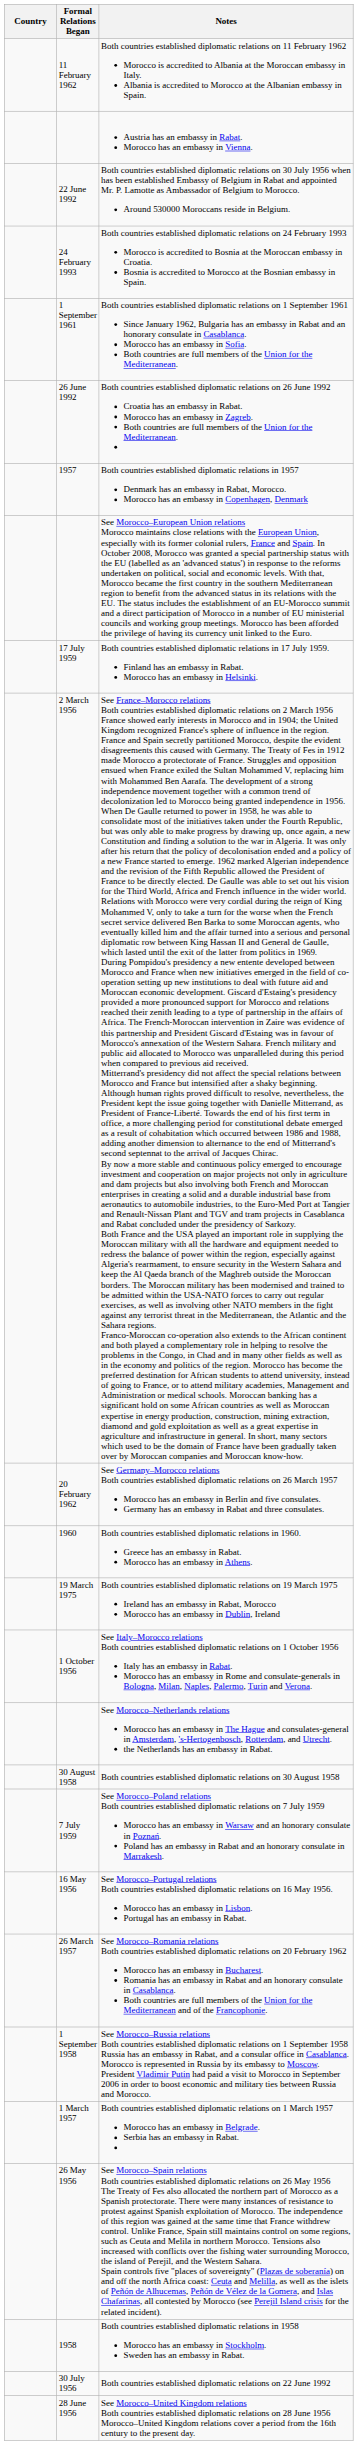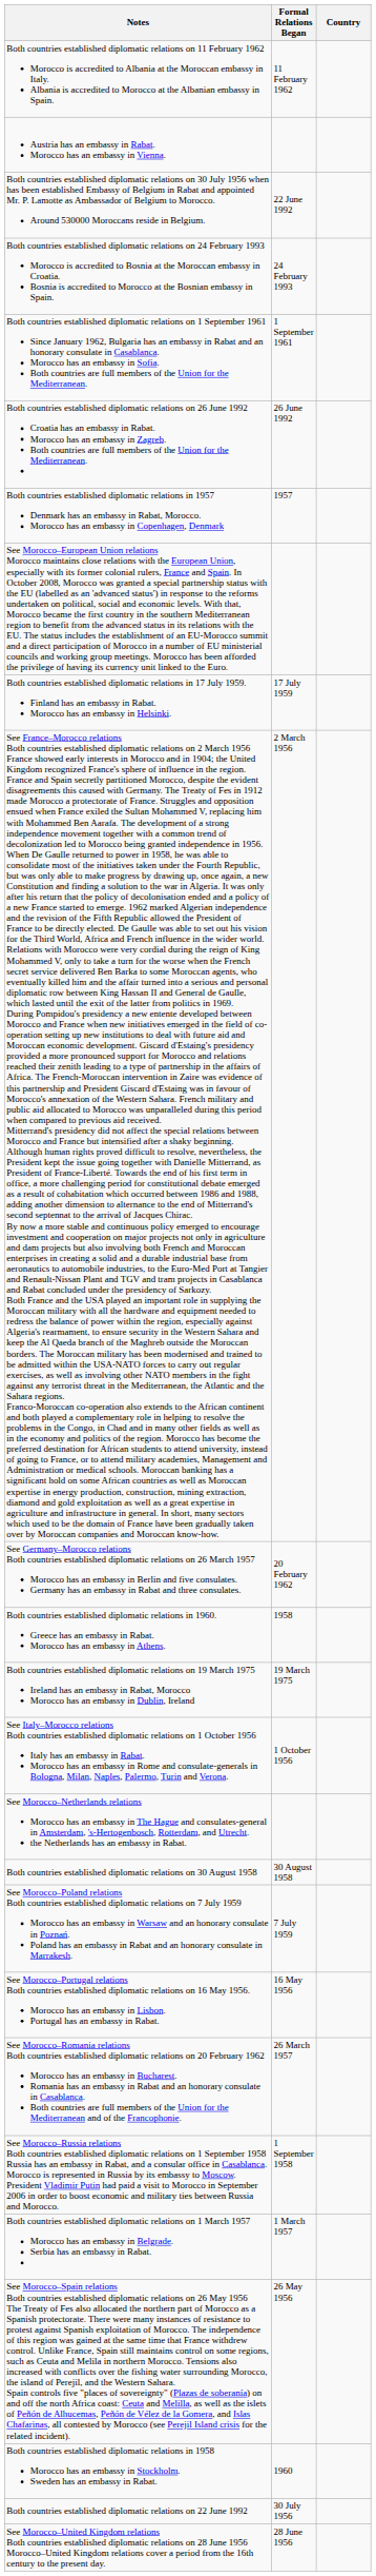 <table class="wikitable sortable" style="width:100%; margin:auto;">
 <tr>
+<th>Notes</th>
+<th style="width:12%;">Formal Relations Began</th>
 <th style="width:15%;">Country</th>
-<th style="width:12%;">Formal Relations Began</th>
-<th>Notes</th>
 </tr>
 <tr>
+<td>Both countries established diplomatic relations on 11 February 1962<br><ul><li>Morocco is accredited to Albania at the Moroccan embassy in Italy.</li><li>Albania is accredited to Morocco at the Albanian embassy in Spain.</li></ul></td>
+<td>11 February 1962</td>
 <td></td>
-<td>11 February 1962</td>
-<td>Both countries established diplomatic relations on 11 February 1962<br><ul><li>Morocco is accredited to Albania at the Moroccan embassy in Italy.</li><li>Albania is accredited to Morocco at the Albanian embassy in Spain.</li></ul></td>
 </tr>
 <tr valign="top">
+<td><br><ul><li>Austria has an embassy in <a href='#'>Rabat</a>.</li><li>Morocco has an embassy in <a href='#'>Vienna</a>.</li></ul></td>
 <td></td>
 <td></td>
-<td><br><ul><li>Austria has an embassy in <a href='#'>Rabat</a>.</li><li>Morocco has an embassy in <a href='#'>Vienna</a>.</li></ul></td>
 </tr>
 <tr>
+<td>Both countries established diplomatic relations on 30 July 1956 when has been established Embassy of Belgium in Rabat and appointed Mr. P. Lamotte as Ambassador of Belgium to Morocco.<br><ul><li>Around 530000 Moroccans reside in Belgium.</li></ul></td>
+<td>22 June 1992</td>
 <td></td>
-<td>22 June 1992</td>
-<td>Both countries established diplomatic relations on 30 July 1956 when has been established Embassy of Belgium in Rabat and appointed Mr. P. Lamotte as Ambassador of Belgium to Morocco.<br><ul><li>Around 530000 Moroccans reside in Belgium.</li></ul></td>
 </tr>
 <tr>
+<td>Both countries established diplomatic relations on 24 February 1993<br><ul><li>Morocco is accredited to Bosnia at the Moroccan embassy in Croatia.</li><li>Bosnia is accredited to Morocco at the Bosnian embassy in Spain.</li></ul></td>
+<td>24 February 1993</td>
 <td></td>
-<td>24 February 1993</td>
-<td>Both countries established diplomatic relations on 24 February 1993<br><ul><li>Morocco is accredited to Bosnia at the Moroccan embassy in Croatia.</li><li>Bosnia is accredited to Morocco at the Bosnian embassy in Spain.</li></ul></td>
 </tr>
 <tr valign="top">
+<td>Both countries established diplomatic relations on 1 September 1961<br><ul><li>Since January 1962, Bulgaria has an embassy in Rabat and an honorary consulate in <a href='#'>Casablanca</a>.</li><li>Morocco has an embassy in <a href='#'>Sofia</a>.</li><li>Both countries are full members of the <a href='#'>Union for the Mediterranean</a>.</li></ul></td>
+<td>1 September 1961</td>
 <td></td>
-<td>1 September 1961</td>
-<td>Both countries established diplomatic relations on 1 September 1961<br><ul><li>Since January 1962, Bulgaria has an embassy in Rabat and an honorary consulate in <a href='#'>Casablanca</a>.</li><li>Morocco has an embassy in <a href='#'>Sofia</a>.</li><li>Both countries are full members of the <a href='#'>Union for the Mediterranean</a>.</li></ul></td>
 </tr>
 <tr valign="top">
+<td>Both countries established diplomatic relations on 26 June 1992<br><ul><li>Croatia has an embassy in Rabat.</li><li>Morocco has an embassy in <a href='#'>Zagreb</a>.</li><li>Both countries are full members of the <a href='#'>Union for the Mediterranean</a>.</li><li></li></ul></td>
+<td>26 June 1992</td>
 <td></td>
-<td>26 June 1992</td>
-<td>Both countries established diplomatic relations on 26 June 1992<br><ul><li>Croatia has an embassy in Rabat.</li><li>Morocco has an embassy in <a href='#'>Zagreb</a>.</li><li>Both countries are full members of the <a href='#'>Union for the Mediterranean</a>.</li><li></li></ul></td>
 </tr>
 <tr valign="top">
+<td>Both countries established diplomatic relations in 1957<br><ul><li>Denmark has an embassy in Rabat, Morocco.</li><li>Morocco has an embassy in <a href='#'>Copenhagen</a>, <a href='#'>Denmark</a></li></ul></td>
+<td>1957</td>
 <td></td>
-<td>1957</td>
-<td>Both countries established diplomatic relations in 1957<br><ul><li>Denmark has an embassy in Rabat, Morocco.</li><li>Morocco has an embassy in <a href='#'>Copenhagen</a>, <a href='#'>Denmark</a></li></ul></td>
 </tr>
 <tr valign="top">
+<td>See <a href='#'>Morocco–European Union relations</a><br>Morocco maintains close relations with the <a href='#'>European Union</a>, especially with its former colonial rulers, <a href='#'>France</a> and <a href='#'>Spain</a>. In October 2008, Morocco was granted a special partnership status with the EU (labelled as an 'advanced status') in response to the reforms undertaken on political, social and economic levels. With that, Morocco became the first country in the southern Mediterranean region to benefit from the advanced status in its relations with the EU. The status includes the establishment of an EU-Morocco summit and a direct participation of Morocco in a number of EU ministerial councils and working group meetings. Morocco has been afforded the privilege of having its currency unit linked to the Euro.</td>
 <td></td>
 <td></td>
-<td>See <a href='#'>Morocco–European Union relations</a><br>Morocco maintains close relations with the <a href='#'>European Union</a>, especially with its former colonial rulers, <a href='#'>France</a> and <a href='#'>Spain</a>. In October 2008, Morocco was granted a special partnership status with the EU (labelled as an 'advanced status') in response to the reforms undertaken on political, social and economic levels. With that, Morocco became the first country in the southern Mediterranean region to benefit from the advanced status in its relations with the EU. The status includes the establishment of an EU-Morocco summit and a direct participation of Morocco in a number of EU ministerial councils and working group meetings. Morocco has been afforded the privilege of having its currency unit linked to the Euro.</td>
 </tr>
 <tr valign="top">
+<td>Both countries established diplomatic relations in 17 July 1959.<br><ul><li>Finland has an embassy in Rabat.</li><li>Morocco has an embassy in <a href='#'>Helsinki</a>.</li></ul></td>
+<td>17 July 1959</td>
 <td></td>
-<td>17 July 1959</td>
-<td>Both countries established diplomatic relations in 17 July 1959.<br><ul><li>Finland has an embassy in Rabat.</li><li>Morocco has an embassy in <a href='#'>Helsinki</a>.</li></ul></td>
 </tr>
 <tr valign="top">
+<td>See <a href='#'>France–Morocco relations</a><br>Both countries established diplomatic relations on 2 March 1956<br>France showed early interests in Morocco and in 1904; the United Kingdom recognized France's sphere of influence in the region. France and Spain secretly partitioned Morocco, despite the evident disagreements this caused with Germany. The Treaty of Fes in 1912 made Morocco a protectorate of France. Struggles and opposition ensued when France exiled the Sultan Mohammed V, replacing him with Mohammed Ben Aarafa. The development of a strong independence movement together with a common trend of decolonization led to Morocco being granted independence in 1956.<br>When De Gaulle returned to power in 1958, he was able to consolidate most of the initiatives taken under the Fourth Republic, but was only able to make progress by drawing up, once again, a new Constitution and finding a solution to the war in Algeria. It was only after his return that the policy of decolonisation ended and a policy of a new France started to emerge. 1962 marked Algerian independence and the revision of the Fifth Republic allowed the President of France to be directly elected. De Gaulle was able to set out his vision for the Third World, Africa and French influence in the wider world. Relations with Morocco were very cordial during the reign of King Mohammed V, only to take a turn for the worse when the French secret service delivered Ben Barka to some Moroccan agents, who eventually killed him and the affair turned into a serious and personal diplomatic row between King Hassan II and General de Gaulle, which lasted until the exit of the latter from politics in 1969.<br>During Pompidou's presidency a new entente developed between Morocco and France when new initiatives emerged in the field of co-operation setting up new institutions to deal with future aid and Moroccan economic development. Giscard d'Estaing's presidency provided a more pronounced support for Morocco and relations reached their zenith leading to a type of partnership in the affairs of Africa. The French-Moroccan intervention in Zaire was evidence of this partnership and President Giscard d'Estaing was in favour of Morocco's annexation of the Western Sahara. French military and public aid allocated to Morocco was unparalleled during this period when compared to previous aid received.<br>Mitterrand's presidency did not affect the special relations between Morocco and France but intensified after a shaky beginning. Although human rights proved difficult to resolve, nevertheless, the President kept the issue going together with Danielle Mitterrand, as President of France-Liberté. Towards the end of his first term in office, a more challenging period for constitutional debate emerged as a result of cohabitation which occurred between 1986 and 1988, adding another dimension to alternance to the end of Mitterrand's second septennat to the arrival of Jacques Chirac.<br>By now a more stable and continuous policy emerged to encourage investment and cooperation on major projects not only in agriculture and dam projects but also involving both French and Moroccan enterprises in creating a solid and a durable industrial base from aeronautics to automobile industries, to the Euro-Med Port at Tangier and Renault-Nissan Plant and TGV and tram projects in Casablanca and Rabat concluded under the presidency of Sarkozy.<br>Both France and the USA played an important role in supplying the Moroccan military with all the hardware and equipment needed to redress the balance of power within the region, especially against Algeria's rearmament, to ensure security in the Western Sahara and keep the Al Qaeda branch of the Maghreb outside the Moroccan borders. The Moroccan military has been modernised and trained to be admitted within the USA-NATO forces to carry out regular exercises, as well as involving other NATO members in the fight against any terrorist threat in the Mediterranean, the Atlantic and the Sahara regions.<br>Franco-Moroccan co-operation also extends to the African continent and both played a complementary role in helping to resolve the problems in the Congo, in Chad and in many other fields as well as in the economy and politics of the region. Morocco has become the preferred destination for African students to attend university, instead of going to France, or to attend military academies, Management and Administration or medical schools. Moroccan banking has a significant hold on some African countries as well as Moroccan expertise in energy production, construction, mining extraction, diamond and gold exploitation as well as a great expertise in agriculture and infrastructure in general. In short, many sectors which used to be the domain of France have been gradually taken over by Moroccan companies and Moroccan know-how.</td>
+<td>2 March 1956</td>
 <td></td>
-<td>2 March 1956</td>
-<td>See <a href='#'>France–Morocco relations</a><br>Both countries established diplomatic relations on 2 March 1956<br>France showed early interests in Morocco and in 1904; the United Kingdom recognized France's sphere of influence in the region. France and Spain secretly partitioned Morocco, despite the evident disagreements this caused with Germany. The Treaty of Fes in 1912 made Morocco a protectorate of France. Struggles and opposition ensued when France exiled the Sultan Mohammed V, replacing him with Mohammed Ben Aarafa. The development of a strong independence movement together with a common trend of decolonization led to Morocco being granted independence in 1956.<br>When De Gaulle returned to power in 1958, he was able to consolidate most of the initiatives taken under the Fourth Republic, but was only able to make progress by drawing up, once again, a new Constitution and finding a solution to the war in Algeria. It was only after his return that the policy of decolonisation ended and a policy of a new France started to emerge. 1962 marked Algerian independence and the revision of the Fifth Republic allowed the President of France to be directly elected. De Gaulle was able to set out his vision for the Third World, Africa and French influence in the wider world. Relations with Morocco were very cordial during the reign of King Mohammed V, only to take a turn for the worse when the French secret service delivered Ben Barka to some Moroccan agents, who eventually killed him and the affair turned into a serious and personal diplomatic row between King Hassan II and General de Gaulle, which lasted until the exit of the latter from politics in 1969.<br>During Pompidou's presidency a new entente developed between Morocco and France when new initiatives emerged in the field of co-operation setting up new institutions to deal with future aid and Moroccan economic development. Giscard d'Estaing's presidency provided a more pronounced support for Morocco and relations reached their zenith leading to a type of partnership in the affairs of Africa. The French-Moroccan intervention in Zaire was evidence of this partnership and President Giscard d'Estaing was in favour of Morocco's annexation of the Western Sahara. French military and public aid allocated to Morocco was unparalleled during this period when compared to previous aid received.<br>Mitterrand's presidency did not affect the special relations between Morocco and France but intensified after a shaky beginning. Although human rights proved difficult to resolve, nevertheless, the President kept the issue going together with Danielle Mitterrand, as President of France-Liberté. Towards the end of his first term in office, a more challenging period for constitutional debate emerged as a result of cohabitation which occurred between 1986 and 1988, adding another dimension to alternance to the end of Mitterrand's second septennat to the arrival of Jacques Chirac.<br>By now a more stable and continuous policy emerged to encourage investment and cooperation on major projects not only in agriculture and dam projects but also involving both French and Moroccan enterprises in creating a solid and a durable industrial base from aeronautics to automobile industries, to the Euro-Med Port at Tangier and Renault-Nissan Plant and TGV and tram projects in Casablanca and Rabat concluded under the presidency of Sarkozy.<br>Both France and the USA played an important role in supplying the Moroccan military with all the hardware and equipment needed to redress the balance of power within the region, especially against Algeria's rearmament, to ensure security in the Western Sahara and keep the Al Qaeda branch of the Maghreb outside the Moroccan borders. The Moroccan military has been modernised and trained to be admitted within the USA-NATO forces to carry out regular exercises, as well as involving other NATO members in the fight against any terrorist threat in the Mediterranean, the Atlantic and the Sahara regions.<br>Franco-Moroccan co-operation also extends to the African continent and both played a complementary role in helping to resolve the problems in the Congo, in Chad and in many other fields as well as in the economy and politics of the region. Morocco has become the preferred destination for African students to attend university, instead of going to France, or to attend military academies, Management and Administration or medical schools. Moroccan banking has a significant hold on some African countries as well as Moroccan expertise in energy production, construction, mining extraction, diamond and gold exploitation as well as a great expertise in agriculture and infrastructure in general. In short, many sectors which used to be the domain of France have been gradually taken over by Moroccan companies and Moroccan know-how.</td>
 </tr>
 <tr>
+<td>See <a href='#'>Germany–Morocco relations</a><br>Both countries established diplomatic relations on 26 March 1957<ul><li>Morocco has an embassy in Berlin and five consulates.</li><li>Germany has an embassy in Rabat and three consulates.  </li></ul></td>
+<td>20 February 1962</td>
 <td></td>
-<td>20 February 1962</td>
-<td>See <a href='#'>Germany–Morocco relations</a><br>Both countries established diplomatic relations on 26 March 1957<ul><li>Morocco has an embassy in Berlin and five consulates.</li><li>Germany has an embassy in Rabat and three consulates.  </li></ul></td>
 </tr>
 <tr valign="top">
+<td>Both countries established diplomatic relations in 1960.<br><ul><li>Greece has an embassy in Rabat.</li><li>Morocco has an embassy in <a href='#'>Athens</a>.</li></ul></td>
+<td>1958</td>
 <td></td>
-<td>1960</td>
-<td>Both countries established diplomatic relations in 1960.<br><ul><li>Greece has an embassy in Rabat.</li><li>Morocco has an embassy in <a href='#'>Athens</a>.</li></ul></td>
 </tr>
 <tr valign="top">
+<td>Both countries established diplomatic relations on 19 March 1975<br><ul><li>Ireland has an embassy in Rabat, Morocco</li><li>Morocco has an embassy in <a href='#'>Dublin</a>, Ireland</li></ul></td>
+<td>19 March 1975</td>
 <td></td>
-<td>19 March 1975</td>
-<td>Both countries established diplomatic relations on 19 March 1975<br><ul><li>Ireland has an embassy in Rabat, Morocco</li><li>Morocco has an embassy in <a href='#'>Dublin</a>, Ireland</li></ul></td>
 </tr>
 <tr>
+<td>See <a href='#'>Italy–Morocco relations</a><br>Both countries established diplomatic relations on 1 October 1956<ul><li>Italy has an embassy in <a href='#'>Rabat</a>.</li><li>Morocco has an embassy in Rome and consulate-generals in <a href='#'>Bologna</a>, <a href='#'>Milan</a>, <a href='#'>Naples</a>, <a href='#'>Palermo</a>, <a href='#'>Turin</a> and <a href='#'>Verona</a>.</li></ul></td>
+<td>1 October 1956</td>
 <td></td>
-<td>1 October 1956</td>
-<td>See <a href='#'>Italy–Morocco relations</a><br>Both countries established diplomatic relations on 1 October 1956<ul><li>Italy has an embassy in <a href='#'>Rabat</a>.</li><li>Morocco has an embassy in Rome and consulate-generals in <a href='#'>Bologna</a>, <a href='#'>Milan</a>, <a href='#'>Naples</a>, <a href='#'>Palermo</a>, <a href='#'>Turin</a> and <a href='#'>Verona</a>.</li></ul></td>
 </tr>
 <tr valign="top">
+<td>See <a href='#'>Morocco–Netherlands relations</a><br><ul><li>Morocco has an embassy in <a href='#'>The Hague</a> and consulates-general in <a href='#'>Amsterdam</a>, <a href='#'>'s-Hertogenbosch</a>, <a href='#'>Rotterdam</a>, and <a href='#'>Utrecht</a>.</li><li>the Netherlands has an embassy in Rabat.</li></ul></td>
 <td></td>
 <td></td>
-<td>See <a href='#'>Morocco–Netherlands relations</a><br><ul><li>Morocco has an embassy in <a href='#'>The Hague</a> and consulates-general in <a href='#'>Amsterdam</a>, <a href='#'>'s-Hertogenbosch</a>, <a href='#'>Rotterdam</a>, and <a href='#'>Utrecht</a>.</li><li>the Netherlands has an embassy in Rabat.</li></ul></td>
 </tr>
 <tr>
+<td>Both countries established diplomatic relations on 30 August 1958</td>
+<td>30 August 1958</td>
 <td></td>
-<td>30 August 1958</td>
-<td>Both countries established diplomatic relations on 30 August 1958</td>
 </tr>
 <tr>
+<td>See <a href='#'>Morocco–Poland relations</a><br>Both countries established diplomatic relations on 7 July 1959<ul><li>Morocco has an embassy in <a href='#'>Warsaw</a> and an honorary consulate in <a href='#'>Poznań</a>.</li><li>Poland has an embassy in Rabat and an honorary consulate in <a href='#'>Marrakesh</a>.</li></ul></td>
+<td>7 July 1959</td>
 <td></td>
-<td>7 July 1959</td>
-<td>See <a href='#'>Morocco–Poland relations</a><br>Both countries established diplomatic relations on 7 July 1959<ul><li>Morocco has an embassy in <a href='#'>Warsaw</a> and an honorary consulate in <a href='#'>Poznań</a>.</li><li>Poland has an embassy in Rabat and an honorary consulate in <a href='#'>Marrakesh</a>.</li></ul></td>
 </tr>
 <tr valign="top">
+<td>See <a href='#'>Morocco–Portugal relations</a><br>Both countries established diplomatic relations on 16 May 1956.<ul><li>Morocco has an embassy in <a href='#'>Lisbon</a>.</li><li>Portugal has an embassy in Rabat.</li></ul></td>
+<td>16 May 1956</td>
 <td></td>
-<td>16 May 1956</td>
-<td>See <a href='#'>Morocco–Portugal relations</a><br>Both countries established diplomatic relations on 16 May 1956.<ul><li>Morocco has an embassy in <a href='#'>Lisbon</a>.</li><li>Portugal has an embassy in Rabat.</li></ul></td>
 </tr>
 <tr valign="top">
+<td>See <a href='#'>Morocco–Romania relations</a><br>Both countries established diplomatic relations on 20 February 1962<ul><li>Morocco has an embassy in <a href='#'>Bucharest</a>.</li><li>Romania has an embassy in Rabat and an honorary consulate in <a href='#'>Casablanca</a>.</li><li>Both countries are full members of the <a href='#'>Union for the Mediterranean</a> and of the <a href='#'>Francophonie</a>.</li></ul></td>
+<td>26 March 1957</td>
 <td></td>
-<td>26 March 1957</td>
-<td>See <a href='#'>Morocco–Romania relations</a><br>Both countries established diplomatic relations on 20 February 1962<ul><li>Morocco has an embassy in <a href='#'>Bucharest</a>.</li><li>Romania has an embassy in Rabat and an honorary consulate in <a href='#'>Casablanca</a>.</li><li>Both countries are full members of the <a href='#'>Union for the Mediterranean</a> and of the <a href='#'>Francophonie</a>.</li></ul></td>
 </tr>
 <tr valign="top">
+<td>See <a href='#'>Morocco–Russia relations</a><br>Both countries established diplomatic relations on 1 September 1958<br>Russia has an embassy in Rabat, and a consular office in <a href='#'>Casablanca</a>. Morocco is represented in Russia by its embassy to <a href='#'>Moscow</a>. President <a href='#'>Vladimir Putin</a> had paid a visit to Morocco in September 2006 in order to boost economic and military ties between Russia and Morocco.</td>
+<td>1 September 1958</td>
 <td></td>
-<td>1 September 1958</td>
-<td>See <a href='#'>Morocco–Russia relations</a><br>Both countries established diplomatic relations on 1 September 1958<br>Russia has an embassy in Rabat, and a consular office in <a href='#'>Casablanca</a>. Morocco is represented in Russia by its embassy to <a href='#'>Moscow</a>. President <a href='#'>Vladimir Putin</a> had paid a visit to Morocco in September 2006 in order to boost economic and military ties between Russia and Morocco.</td>
 </tr>
 <tr valign="top">
+<td>Both countries established diplomatic relations on 1 March 1957<br><ul><li>Morocco has an embassy in <a href='#'>Belgrade</a>.</li><li>Serbia has an embassy in Rabat.</li><li> </li></ul></td>
+<td>1 March 1957</td>
 <td></td>
-<td>1 March 1957</td>
-<td>Both countries established diplomatic relations on 1 March 1957<br><ul><li>Morocco has an embassy in <a href='#'>Belgrade</a>.</li><li>Serbia has an embassy in Rabat.</li><li> </li></ul></td>
 </tr>
 <tr valign="top">
+<td>See <a href='#'>Morocco–Spain relations</a><br>Both countries established diplomatic relations on 26 May 1956<br>The Treaty of Fes also allocated the northern part of Morocco as a Spanish protectorate. There were many instances of resistance to protest against Spanish exploitation of Morocco. The independence of this region was gained at the same time that France withdrew control. Unlike France, Spain still maintains control on some regions, such as Ceuta and Melila in northern Morocco. Tensions also increased with conflicts over the fishing water surrounding Morocco, the island of Perejil, and the Western Sahara.<br>Spain controls five "places of sovereignty" (<a href='#'>Plazas de soberanía</a>) on and off the north Africa coast: <a href='#'>Ceuta</a> and <a href='#'>Melilla</a>, as well as the islets of <a href='#'>Peñón de Alhucemas</a>, <a href='#'>Peñón de Vélez de la Gomera</a>, and <a href='#'>Islas Chafarinas</a>, all contested by Morocco (see <a href='#'>Perejil Island crisis</a> for the related incident).</td>
+<td>26 May 1956</td>
 <td></td>
-<td>26 May 1956</td>
-<td>See <a href='#'>Morocco–Spain relations</a><br>Both countries established diplomatic relations on 26 May 1956<br>The Treaty of Fes also allocated the northern part of Morocco as a Spanish protectorate. There were many instances of resistance to protest against Spanish exploitation of Morocco. The independence of this region was gained at the same time that France withdrew control. Unlike France, Spain still maintains control on some regions, such as Ceuta and Melila in northern Morocco. Tensions also increased with conflicts over the fishing water surrounding Morocco, the island of Perejil, and the Western Sahara.<br>Spain controls five "places of sovereignty" (<a href='#'>Plazas de soberanía</a>) on and off the north Africa coast: <a href='#'>Ceuta</a> and <a href='#'>Melilla</a>, as well as the islets of <a href='#'>Peñón de Alhucemas</a>, <a href='#'>Peñón de Vélez de la Gomera</a>, and <a href='#'>Islas Chafarinas</a>, all contested by Morocco (see <a href='#'>Perejil Island crisis</a> for the related incident).</td>
 </tr>
 <tr>
+<td>Both countries established diplomatic relations in 1958<br><ul><li>Morocco has an embassy in <a href='#'>Stockholm</a>.</li><li>Sweden has an embassy in Rabat.</li></ul></td>
+<td>1960</td>
 <td></td>
-<td>1958</td>
-<td>Both countries established diplomatic relations in 1958<br><ul><li>Morocco has an embassy in <a href='#'>Stockholm</a>.</li><li>Sweden has an embassy in Rabat.</li></ul></td>
 </tr>
 <tr>
+<td>Both countries established diplomatic relations on 22 June 1992</td>
+<td>30 July 1956</td>
 <td></td>
-<td>30 July 1956</td>
-<td>Both countries established diplomatic relations on 22 June 1992</td>
 </tr>
 <tr valign="top">
+<td>See <a href='#'>Morocco–United Kingdom relations</a><br>Both countries established diplomatic relations on 28 June 1956<br>Morocco–United Kingdom relations cover a period from the 16th century to the present day.</td>
+<td>28 June 1956</td>
 <td></td>
-<td>28 June 1956</td>
-<td>See <a href='#'>Morocco–United Kingdom relations</a><br>Both countries established diplomatic relations on 28 June 1956<br>Morocco–United Kingdom relations cover a period from the 16th century to the present day.</td>
 </tr>
 </table>
